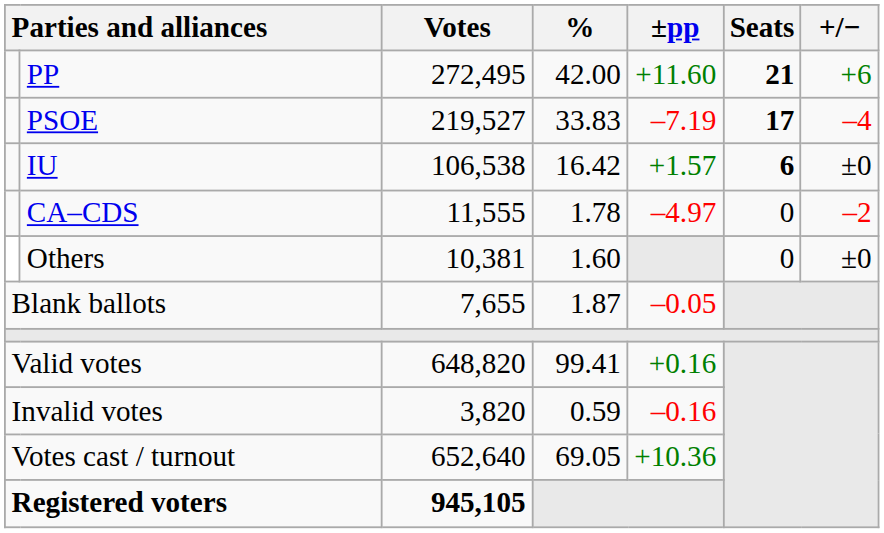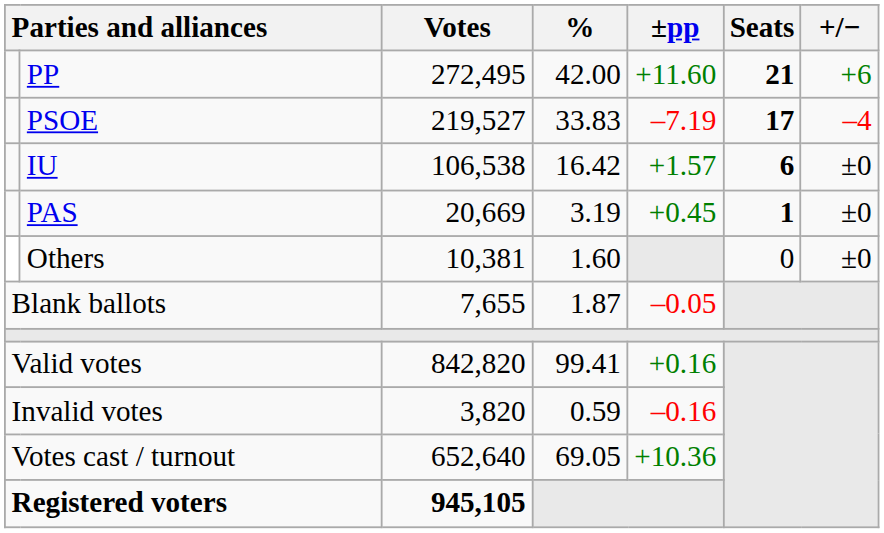 <table class="wikitable" style="text-align:right;">
 <tr>
 <th style="text-align:left;" colspan="2" width="200">Parties and alliances</th>
 <th width="75">Votes</th>
 <th width="45">%</th>
 <th width="45">±<a href='#'>pp</a></th>
 <th width="35">Seats</th>
 <th width="35">+/−</th>
 </tr>
 <tr>
 <td width="1" style="color:inherit;background:"></td>
 <td align="left"><a href='#'>PP</a></td>
 <td>272,495</td>
 <td>42.00</td>
 <td style="color:green;">+11.60</td>
 <td><strong>21</strong></td>
 <td style="color:green;">+6</td>
 </tr>
 <tr>
 <td style="color:inherit;background:"></td>
 <td align="left"><a href='#'>PSOE</a></td>
 <td>219,527</td>
 <td>33.83</td>
 <td style="color:red;">–7.19</td>
 <td><strong>17</strong></td>
 <td style="color:red;">–4</td>
 </tr>
 <tr>
 <td style="color:inherit;background:"></td>
 <td align="left"><a href='#'>IU</a></td>
 <td>106,538</td>
 <td>16.42</td>
 <td style="color:green;">+1.57</td>
 <td><strong>6</strong></td>
 <td>±0</td>
 </tr>
 <tr>
 <td style="color:inherit;background:"></td>
-<td align="left"><a href='#'>CA–CDS</a></td>
-<td>11,555</td>
-<td>1.78</td>
-<td style="color:red;">–4.97</td>
-<td>0</td>
-<td style="color:red;">–2</td>
+<td align="left"><a href='#'>PAS</a></td>
+<td>20,669</td>
+<td>3.19</td>
+<td style="color:green;">+0.45</td>
+<td><strong>1</strong></td>
+<td>±0</td>
 </tr>
 <tr>
 <td bgcolor="white"></td>
 <td align="left">Others</td>
 <td>10,381</td>
 <td>1.60</td>
 <td bgcolor="#E9E9E9"></td>
 <td>0</td>
 <td>±0</td>
 </tr>
 <tr>
 <td align="left" colspan="2">Blank ballots</td>
 <td>7,655</td>
 <td>1.87</td>
 <td style="color:red;">–0.05</td>
 <td bgcolor="#E9E9E9" colspan="2"></td>
 </tr>
 <tr>
 <td colspan="7" bgcolor="#E9E9E9"></td>
 </tr>
 <tr>
 <td align="left" colspan="2">Valid votes</td>
-<td>648,820</td>
+<td>842,820</td>
 <td>99.41</td>
 <td style="color:green;">+0.16</td>
 <td bgcolor="#E9E9E9" colspan="2" rowspan="4"></td>
 </tr>
 <tr>
 <td align="left" colspan="2">Invalid votes</td>
 <td>3,820</td>
 <td>0.59</td>
 <td style="color:red;">–0.16</td>
 </tr>
 <tr>
 <td align="left" colspan="2">Votes cast / turnout</td>
 <td>652,640</td>
 <td>69.05</td>
 <td style="color:green;">+10.36</td>
 </tr>
 <tr style="font-weight:bold;">
 <td align="left" colspan="2">Registered voters</td>
 <td>945,105</td>
 <td bgcolor="#E9E9E9" colspan="2"></td>
 </tr>
 </table>
